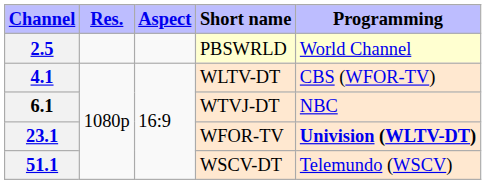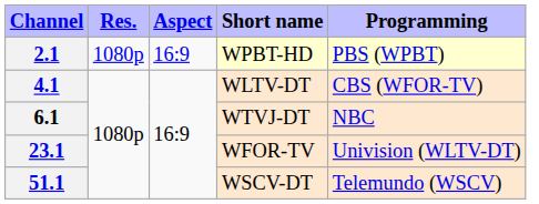 <table class="wikitable">
 <tr>
 <th style="background-color: #bdbdff" scope = "col"><a href='#'>Channel</a></th>
 <th style="background-color: #bdbdff" scope = "col"><a href='#'>Res.</a></th>
 <th style="background-color: #bdbdff" scope = "col"><a href='#'>Aspect</a></th>
 <th style="background-color: #bdbdff" scope = "col">Short name</th>
 <th style="background-color: #bdbdff" scope = "col">Programming</th>
 </tr>
 <tr>
-<th scope = "row"><a href='#'>2.5</a></th>
-<td></td>
-<td></td>
-<td style="background-color:#ffffd0">PBSWRLD</td>
-<td style="background-color:#ffffd0"><a href='#'>World Channel</a></td>
+<th scope = "row"><a href='#'>2.1</a></th>
+<td><a href='#'>1080p</a></td>
+<td><a href='#'>16:9</a></td>
+<td style="background-color:#ffffd0">WPBT-HD</td>
+<td style="background-color:#ffffd0"><a href='#'>PBS</a> (<a href='#'>WPBT</a>)</td>
 </tr>
 <tr>
 <th scope = "row"><a href='#'>4.1</a></th>
 <td rowspan=4>1080p</td>
 <td rowspan=4>16:9</td>
 <td style="background-color:#ffe8d0">WLTV-DT</td>
 <td style="background-color:#ffe8d0"><a href='#'>CBS</a> (<a href='#'>WFOR-TV</a>) </td>
 </tr>
 <tr>
 <th scope = "row">6.1</th>
 <td style="background-color:#ffe8d0">WTVJ-DT</td>
 <td style="background-color:#ffe8d0"><a href='#'>NBC</a> </td>
 </tr>
 <tr>
 <th scope = "row"><a href='#'>23.1</a></th>
 <td style="background-color:#ffe8d0">WFOR-TV</td>
-<td style="background-color:#ffe8d0"><strong><a href='#'>Univision</a> (<a href='#'>WLTV-DT</a>) </strong></td>
+<td style="background-color:#ffe8d0"><a href='#'>Univision</a> (<a href='#'>WLTV-DT</a>) </td>
 </tr>
 <tr>
 <th scope = "row"><a href='#'>51.1</a></th>
 <td style="background-color:#ffe8d0">WSCV-DT</td>
 <td style="background-color:#ffe8d0"><a href='#'>Telemundo</a> (<a href='#'>WSCV</a>) </td>
 </tr>
 </table>
